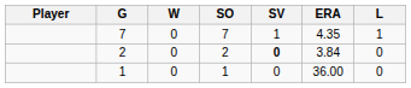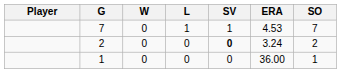 <table class="wikitable sortable">
 <tr>
 <th bgcolor="#DDDDFF" width="16%">Player</th>
 <th bgcolor="#DDDDFF" width="9%">G</th>
 <th bgcolor="#DDDDFF" width="9%">W</th>
-<th bgcolor="#DDDDFF" width="9%">SO</th>
+<th bgcolor="#DDDDFF" width="9%">L</th>
 <th bgcolor="#DDDDFF" width="9%">SV</th>
 <th bgcolor="#DDDDFF" width="9%">ERA</th>
-<th bgcolor="#DDDDFF" width="9%">L</th>
+<th bgcolor="#DDDDFF" width="9%">SO</th>
 </tr>
 <tr align="center">
 <td></td>
 <td>7</td>
 <td>0</td>
+<td>1</td>
+<td>1</td>
+<td>4.53</td>
 <td>7</td>
-<td>1</td>
-<td>4.35</td>
-<td>1</td>
 </tr>
 <tr align="center">
 <td></td>
 <td>2</td>
 <td>0</td>
+<td>0</td>
+<td><strong>0</strong></td>
+<td>3.24</td>
 <td>2</td>
-<td><strong>0</strong></td>
-<td>3.84</td>
-<td>0</td>
 </tr>
 <tr align="center">
 <td></td>
 <td>1</td>
 <td>0</td>
-<td>1</td>
+<td>0</td>
 <td>0</td>
 <td>36.00</td>
-<td>0</td>
+<td>1</td>
 </tr>
 </table>
